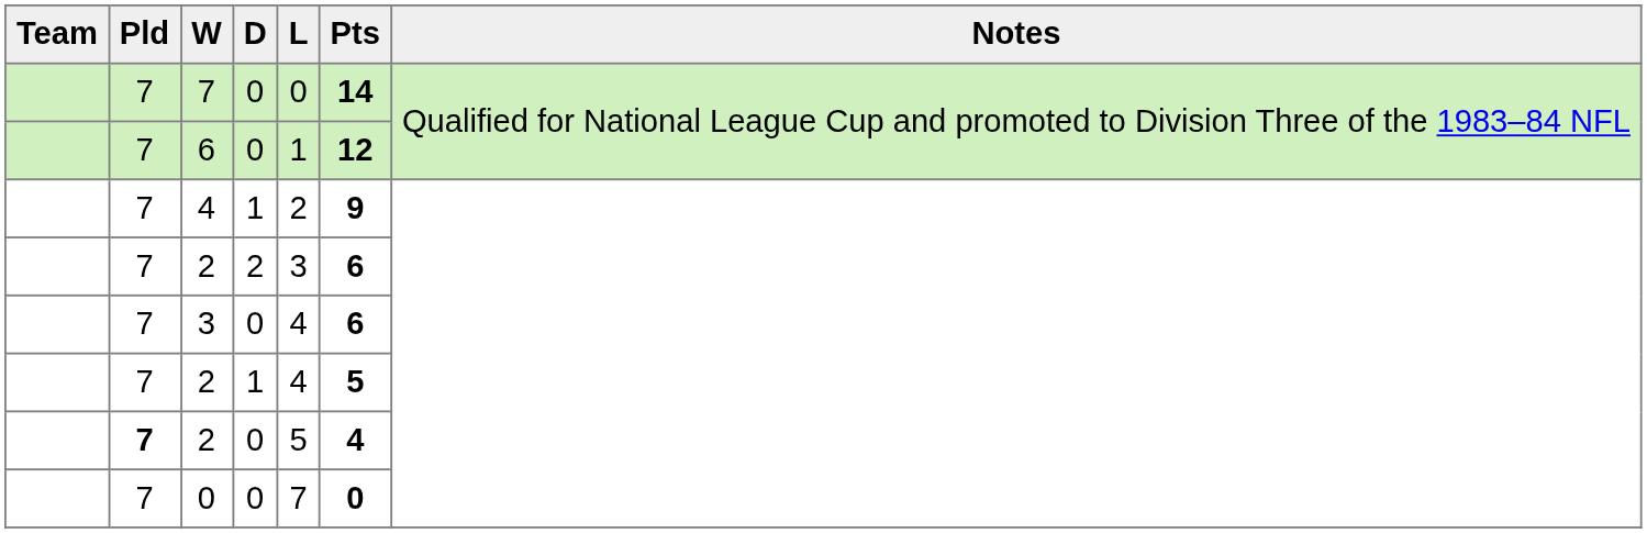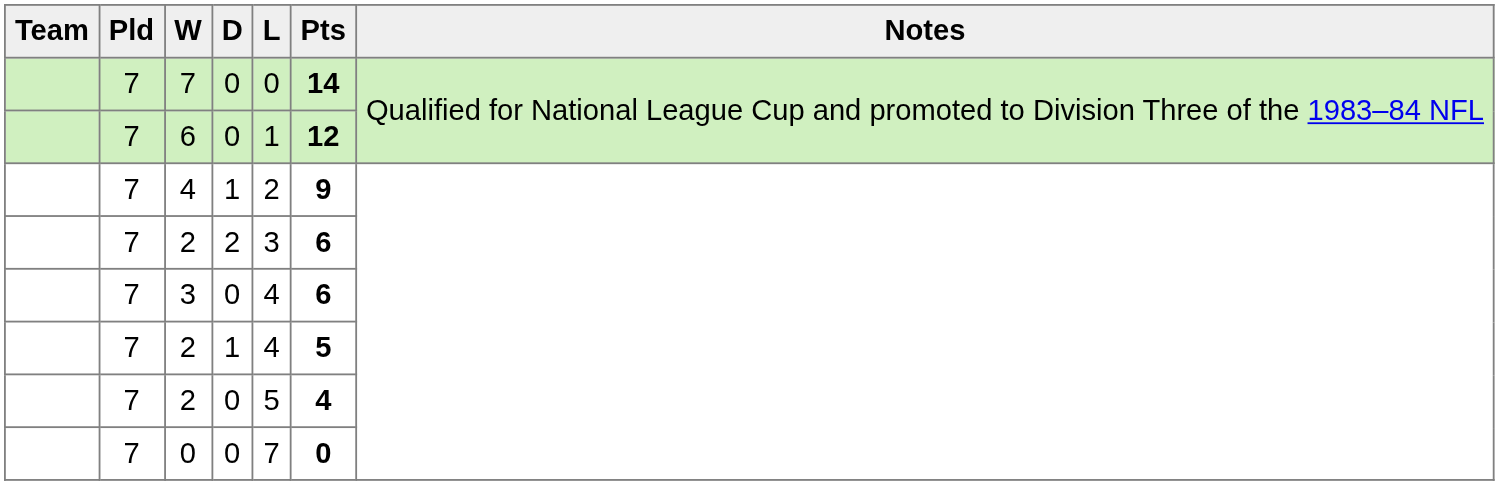 <table style=border-collapse:collapse border=1 cellspacing=0 cellpadding=5>
 <tr align=center bgcolor=#efefef>
 <th>Team</th>
 <th>Pld</th>
 <th>W</th>
 <th>D</th>
 <th>L</th>
 <th>Pts</th>
 <th>Notes</th>
 </tr>
 <tr align=center style="background:#D0F0C0;">
 <td style="text-align:left;"> </td>
 <td>7</td>
 <td>7</td>
 <td>0</td>
 <td>0</td>
 <td><strong>14</strong></td>
 <td rowspan=2>Qualified for National League Cup and promoted to Division Three of the <a href='#'>1983–84 NFL</a></td>
 </tr>
 <tr align=center style="background:#D0F0C0;">
 <td style="text-align:left;"> </td>
 <td>7</td>
 <td>6</td>
 <td>0</td>
 <td>1</td>
 <td><strong>12</strong></td>
 </tr>
 <tr align=center style="background:#FFFFFF;">
 <td style="text-align:left;"> </td>
 <td>7</td>
 <td>4</td>
 <td>1</td>
 <td>2</td>
 <td><strong>9</strong></td>
 <td rowspan=6></td>
 </tr>
 <tr align=center style="background:#FFFFFF;">
 <td style="text-align:left;"> </td>
 <td>7</td>
 <td>2</td>
 <td>2</td>
 <td>3</td>
 <td><strong>6</strong></td>
 </tr>
 <tr align=center style="background:#FFFFFF;">
 <td style="text-align:left;"> </td>
 <td>7</td>
 <td>3</td>
 <td>0</td>
 <td>4</td>
 <td><strong>6</strong></td>
 </tr>
 <tr align=center style="background:#FFFFFF;">
 <td style="text-align:left;"> </td>
 <td>7</td>
 <td>2</td>
 <td>1</td>
 <td>4</td>
 <td><strong>5</strong></td>
 </tr>
 <tr align=center style="background:#FFFFFF;">
 <td style="text-align:left;"> </td>
-<td><strong>7</strong></td>
+<td>7</td>
 <td>2</td>
 <td>0</td>
 <td>5</td>
 <td><strong>4</strong></td>
 </tr>
 <tr align=center style="background:#FFFFFF;">
 <td style="text-align:left;"> </td>
 <td>7</td>
 <td>0</td>
 <td>0</td>
 <td>7</td>
 <td><strong>0</strong></td>
 </tr>
 </table>
